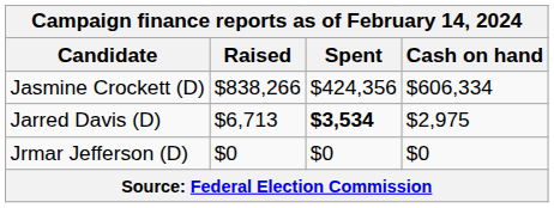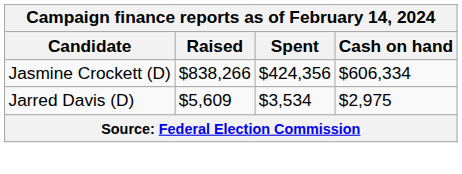 <table class="wikitable sortable">
 <tr>
 <th colspan=4>Campaign finance reports as of February 14, 2024</th>
 </tr>
 <tr style="text-align:center;">
 <th>Candidate</th>
 <th>Raised</th>
 <th>Spent</th>
 <th>Cash on hand</th>
 </tr>
 <tr>
 <td style="color:black;background-color:">Jasmine Crockett (D)</td>
 <td>$838,266</td>
 <td>$424,356</td>
 <td>$606,334</td>
 </tr>
 <tr>
 <td style="color:black;background-color:">Jarred Davis (D)</td>
-<td>$6,713</td>
-<td><strong>$3,534</strong></td>
+<td>$5,609</td>
+<td>$3,534</td>
 <td>$2,975</td>
-</tr>
-<tr>
-<td style="color:black;background-color:">Jrmar Jefferson (D)</td>
-<td>$0</td>
-<td>$0</td>
-<td>$0</td>
 </tr>
 <tr>
 <th colspan="4"><small>Source: <a href='#'>Federal Election Commission</a></small></th>
 </tr>
 </table>
